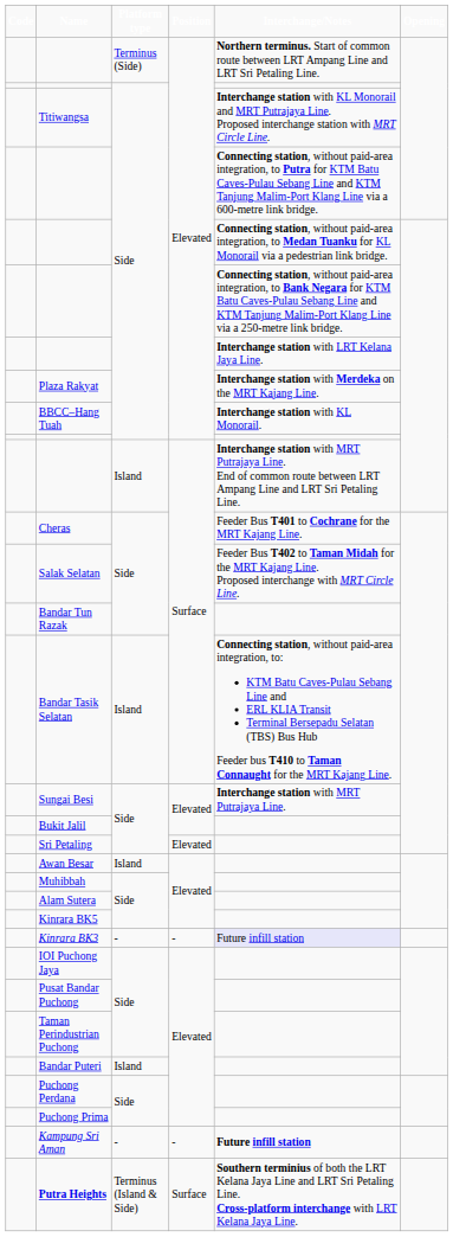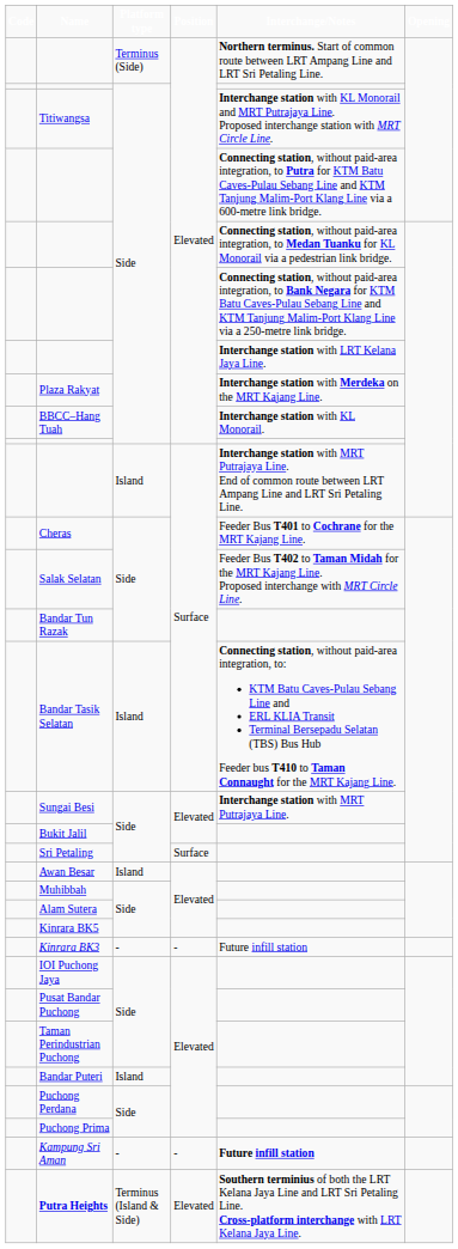 <table style="margin-left:1em; margin-bottom:1em; color:black; font-size:95%;" class="wikitable sortable">
 <tr align="center" style="color:white">
 <td><strong>Code</strong></td>
 <td><strong>Name</strong></td>
 <td><strong>Platform type</strong></td>
 <td><strong>Position</strong></td>
 <td><strong>Interchange/Notes</strong></td>
 <td><strong>Opening</strong></td>
 </tr>
 <tr>
 <td></td>
 <td><strong></strong></td>
 <td><a href='#'>Terminus</a> (Side)</td>
 <td rowspan="10">Elevated</td>
 <td><strong>Northern terminus.</strong> Start of common route between LRT Ampang Line and LRT Sri Petaling Line.</td>
 <td rowspan="4"></td>
 </tr>
 <tr>
 <td></td>
 <td></td>
 <td rowspan="9">Side</td>
 <td></td>
 </tr>
 <tr>
 <td></td>
 <td><a href='#'>Titiwangsa</a></td>
 <td><strong>Interchange station</strong> with  <a href='#'>KL Monorail</a> and <a href='#'>MRT Putrajaya Line</a><em>.</em><br>Proposed interchange station with  <em><a href='#'>MRT Circle Line</a>.</em></td>
 </tr>
 <tr>
 <td></td>
 <td></td>
 <td><strong>Connecting station</strong>, without paid-area integration, to  <strong><a href='#'>Putra</a></strong> for <a href='#'>KTM Batu Caves-Pulau Sebang Line</a> and <a href='#'>KTM Tanjung Malim-Port Klang Line</a> via a 600-metre link bridge.</td>
 </tr>
 <tr>
 <td></td>
 <td></td>
 <td><strong>Connecting station</strong>, without paid-area integration, to  <a href='#'><strong>Medan Tuanku</strong></a> for <a href='#'>KL Monorail</a> via a pedestrian link bridge.</td>
 <td rowspan="7"></td>
 </tr>
 <tr>
 <td></td>
 <td></td>
 <td><strong>Connecting station</strong>, without paid-area integration, to  <strong><a href='#'>Bank Negara</a></strong> for <a href='#'>KTM Batu Caves-Pulau Sebang Line</a> and <a href='#'>KTM Tanjung Malim-Port Klang Line</a> via a 250-metre link bridge.</td>
 </tr>
 <tr>
 <td></td>
 <td></td>
 <td><strong>Interchange station</strong> with  <a href='#'>LRT Kelana Jaya Line</a>.</td>
 </tr>
 <tr>
 <td></td>
 <td><a href='#'>Plaza Rakyat</a></td>
 <td><strong>Interchange station</strong> with  <strong><a href='#'>Merdeka</a></strong> on the <a href='#'>MRT Kajang Line</a>.</td>
 </tr>
 <tr>
 <td></td>
 <td><a href='#'>BBCC–Hang Tuah</a></td>
 <td><strong>Interchange station</strong> with  <a href='#'>KL Monorail</a>.</td>
 </tr>
 <tr>
 <td></td>
 <td></td>
 <td></td>
 </tr>
 <tr>
 <td></td>
 <td></td>
 <td>Island</td>
 <td rowspan="5">Surface</td>
 <td><strong>Interchange station</strong> with  <a href='#'>MRT Putrajaya Line</a>.<br>End of common route between LRT Ampang Line and LRT Sri Petaling Line.</td>
 </tr>
 <tr>
 <td></td>
 <td><a href='#'>Cheras</a></td>
 <td rowspan="3">Side</td>
 <td>Feeder Bus <strong>T401</strong> to  <a href='#'><strong>Cochrane</strong></a> for the <a href='#'>MRT Kajang Line</a>.</td>
 <td rowspan="7"></td>
 </tr>
 <tr>
 <td></td>
 <td><a href='#'>Salak Selatan</a></td>
 <td>Feeder Bus <strong>T402</strong> to  <a href='#'><strong>Taman Midah</strong></a> for the <a href='#'>MRT Kajang Line</a>.<br>Proposed interchange with  <em><a href='#'>MRT Circle Line</a>.</em></td>
 </tr>
 <tr>
 <td></td>
 <td><a href='#'>Bandar Tun Razak</a></td>
 <td></td>
 </tr>
 <tr>
 <td></td>
 <td><a href='#'>Bandar Tasik Selatan</a></td>
 <td>Island</td>
 <td><strong>Connecting</strong> <strong>station</strong>, without paid-area integration, to:<br><ul><li> <a href='#'>KTM Batu Caves-Pulau Sebang Line</a> and </li><li> <a href='#'>ERL KLIA Transit</a></li><li><a href='#'>Terminal Bersepadu Selatan</a> (TBS) Bus Hub</li></ul>Feeder bus <strong>T410</strong> to  <a href='#'><strong>Taman Connaught</strong></a> for the <a href='#'>MRT Kajang Line</a>.</td>
 </tr>
 <tr>
 <td></td>
 <td><a href='#'>Sungai Besi</a></td>
 <td rowspan="3">Side</td>
 <td rowspan="2">Elevated</td>
 <td><strong>Interchange station</strong> with  <a href='#'>MRT Putrajaya Line</a>.</td>
 </tr>
 <tr>
 <td></td>
 <td><a href='#'>Bukit Jalil</a></td>
 <td></td>
 </tr>
 <tr>
 <td></td>
 <td><a href='#'>Sri Petaling</a></td>
-<td>Elevated</td>
+<td>Surface</td>
 <td></td>
 </tr>
 <tr>
 <td></td>
 <td><a href='#'>Awan Besar</a></td>
 <td>Island</td>
 <td rowspan="4">Elevated</td>
 <td></td>
 <td rowspan="4"></td>
 </tr>
 <tr>
 <td></td>
 <td><a href='#'>Muhibbah</a></td>
 <td rowspan="3">Side</td>
 <td></td>
 </tr>
 <tr>
 <td></td>
 <td><a href='#'>Alam Sutera</a></td>
 <td></td>
 </tr>
 <tr>
 <td></td>
 <td><a href='#'>Kinrara BK5</a></td>
 <td></td>
 </tr>
 <tr>
 <td></td>
 <td><a href='#'><em>Kinrara BK3</em></a></td>
 <td>-</td>
 <td>-</td>
-<td style="background: lavender;">Future <a href='#'>infill station</a></td>
+<td>Future <a href='#'>infill station</a></td>
 <td></td>
 </tr>
 <tr>
 <td></td>
 <td><a href='#'>IOI Puchong Jaya</a></td>
 <td rowspan="3">Side</td>
 <td rowspan="6">Elevated</td>
 <td></td>
 <td rowspan="4"></td>
 </tr>
 <tr>
 <td></td>
 <td><a href='#'>Pusat Bandar Puchong</a></td>
 <td></td>
 </tr>
 <tr>
 <td></td>
 <td><a href='#'>Taman Perindustrian Puchong</a></td>
 <td></td>
 </tr>
 <tr>
 <td></td>
 <td><a href='#'>Bandar Puteri</a></td>
 <td>Island</td>
 <td></td>
 </tr>
 <tr>
 <td></td>
 <td><a href='#'>Puchong Perdana</a></td>
 <td rowspan="2">Side</td>
 <td></td>
 <td rowspan="2"></td>
 </tr>
 <tr>
 <td></td>
 <td><a href='#'>Puchong Prima</a></td>
 <td></td>
 </tr>
 <tr>
 <td></td>
 <td><em><a href='#'>Kampung Sri Aman</a></em></td>
 <td>-</td>
 <td>-</td>
 <td><strong>Future <a href='#'>infill station</a></strong></td>
 <td></td>
 </tr>
 <tr>
 <td></td>
 <td><a href='#'><strong>Putra Heights</strong></a></td>
 <td Terminus station>Terminus (Island & Side)</td>
-<td>Surface</td>
+<td>Elevated</td>
 <td><strong>Southern terminius</strong> of both the LRT Kelana Jaya Line and LRT Sri Petaling Line.<br><strong><a href='#'>Cross-platform interchange</a></strong> with  <a href='#'>LRT Kelana Jaya Line</a>.</td>
 <td></td>
 </tr>
 </table>
